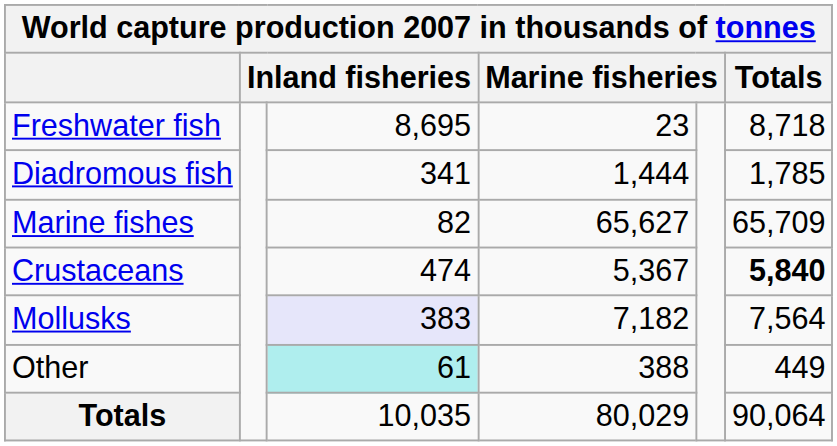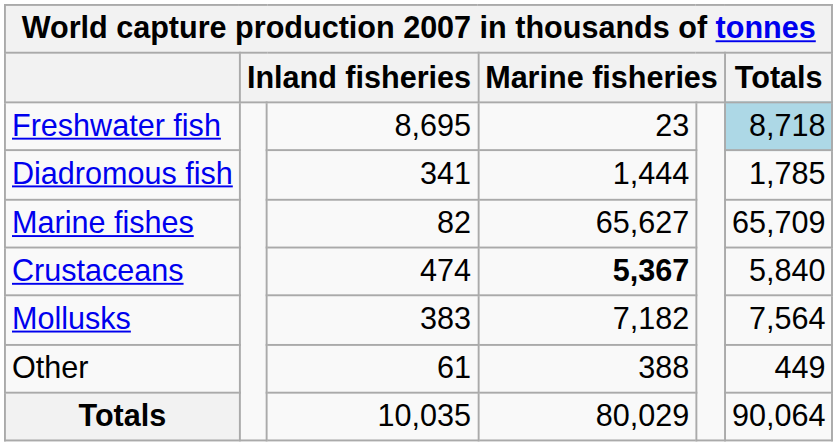 <table class="wikitable">
 <tr>
 <th colspan=6>World capture production 2007 in thousands of <a href='#'>tonnes</a></th>
 </tr>
 <tr>
 <th></th>
 <th colspan=2>Inland fisheries</th>
 <th colspan=2>Marine fisheries</th>
 <th>Totals</th>
 </tr>
 <tr>
 <td><a href='#'>Freshwater fish</a></td>
 <td rowspan=7></td>
 <td align="right">8,695</td>
 <td align="right">23</td>
 <td rowspan=7></td>
-<td align="right">8,718</td>
+<td align="right" style="background: lightblue;">8,718</td>
 </tr>
 <tr>
 <td><a href='#'>Diadromous fish</a></td>
 <td align="right">341</td>
 <td align="right">1,444</td>
 <td align="right">1,785</td>
 </tr>
 <tr>
 <td><a href='#'>Marine fishes</a></td>
 <td align="right">82</td>
 <td align="right">65,627</td>
 <td align="right">65,709</td>
 </tr>
 <tr>
 <td><a href='#'>Crustaceans</a></td>
 <td align="right">474</td>
-<td align="right">5,367</td>
-<td align="right"><strong>5,840</strong></td>
+<td align="right"><strong>5,367</strong></td>
+<td align="right">5,840</td>
 </tr>
 <tr>
 <td><a href='#'>Mollusks</a></td>
-<td align="right" style="background: lavender;">383</td>
+<td align="right">383</td>
 <td align="right">7,182</td>
 <td align="right">7,564</td>
 </tr>
 <tr>
 <td>Other</td>
-<td align="right" style="background: paleturquoise;">61</td>
+<td align="right">61</td>
 <td align="right">388</td>
 <td align="right">449</td>
 </tr>
 <tr>
 <th>Totals</th>
 <td align="right">10,035</td>
 <td align="right">80,029</td>
 <td align="right">90,064</td>
 </tr>
 </table>
